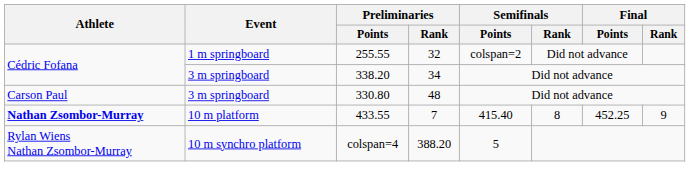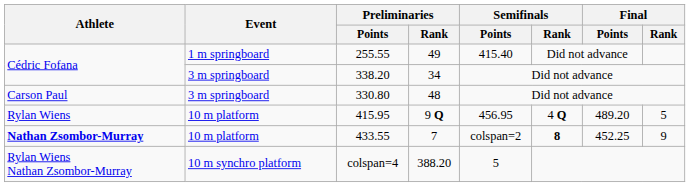 <table class="wikitable" style="text-align:center; font-size:90%; width:50%;">
 <tr>
 <th rowspan=2>Athlete</th>
 <th rowspan=2>Event</th>
 <th colspan=2>Preliminaries</th>
 <th colspan=2>Semifinals</th>
 <th colspan=2>Final</th>
 </tr>
 <tr style="font-size:95%">
 <th>Points</th>
 <th>Rank</th>
 <th>Points</th>
 <th>Rank</th>
 <th>Points</th>
 <th>Rank</th>
 </tr>
 <tr>
 <td align=left rowspan=2><a href='#'>Cédric Fofana</a></td>
 <td align=left><a href='#'>1 m springboard</a></td>
 <td>255.55</td>
-<td>32</td>
-<td>colspan=2 </td>
+<td>49</td>
+<td>415.40</td>
 <td colspan=2>Did not advance</td>
 </tr>
 <tr>
 <td align=left><a href='#'>3 m springboard</a></td>
 <td>338.20</td>
 <td>34</td>
 <td colspan=4>Did not advance</td>
 </tr>
 <tr>
 <td align=left><a href='#'>Carson Paul</a></td>
 <td align=left><a href='#'>3 m springboard</a></td>
 <td>330.80</td>
 <td>48</td>
 <td colspan=4>Did not advance</td>
 </tr>
 <tr>
+<td align=left><a href='#'>Rylan Wiens</a></td>
+<td align=left><a href='#'>10 m platform</a></td>
+<td>415.95</td>
+<td>9 <strong>Q</strong></td>
+<td>456.95</td>
+<td>4 <strong>Q</strong></td>
+<td>489.20</td>
+<td>5</td>
+</tr>
+<tr>
 <td align=left><strong><a href='#'>Nathan Zsombor-Murray</a></strong></td>
 <td align=left><a href='#'>10 m platform</a></td>
 <td>433.55</td>
 <td>7</td>
-<td>415.40</td>
-<td>8</td>
+<td>colspan=2 </td>
+<td><strong>8</strong></td>
 <td>452.25</td>
 <td>9</td>
 </tr>
 <tr>
 <td align=left><a href='#'>Rylan Wiens</a><br> <a href='#'>Nathan Zsombor-Murray</a></td>
 <td align=left><a href='#'>10 m synchro platform</a></td>
 <td>colspan=4 </td>
 <td>388.20</td>
 <td>5</td>
 </tr>
 </table>
